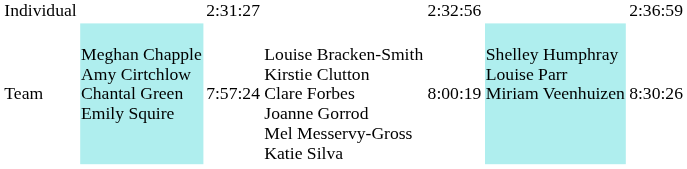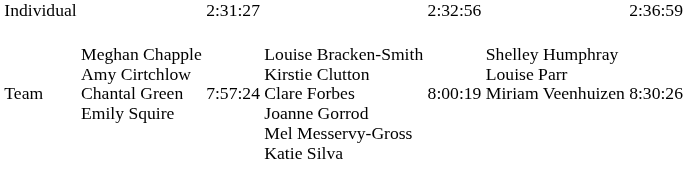 <table>
 <tr>
 <td>Individual</td>
 <td></td>
 <td>2:31:27</td>
 <td></td>
 <td>2:32:56</td>
 <td></td>
 <td>2:36:59</td>
 </tr>
 <tr>
 <td>Team</td>
-<td valign=top style="background: paleturquoise;"><br>Meghan Chapple<br>Amy Cirtchlow<br>Chantal Green<br>Emily Squire</td>
+<td valign=top><br>Meghan Chapple<br>Amy Cirtchlow<br>Chantal Green<br>Emily Squire</td>
 <td>7:57:24</td>
 <td valign=top><br>Louise Bracken-Smith<br>Kirstie Clutton<br>Clare Forbes<br>Joanne Gorrod<br>Mel Messervy-Gross<br>Katie Silva</td>
 <td>8:00:19</td>
-<td valign=top style="background: paleturquoise;"><br>Shelley Humphray<br>Louise Parr<br>Miriam Veenhuizen</td>
+<td valign=top><br>Shelley Humphray<br>Louise Parr<br>Miriam Veenhuizen</td>
 <td>8:30:26</td>
 </tr>
 </table>
